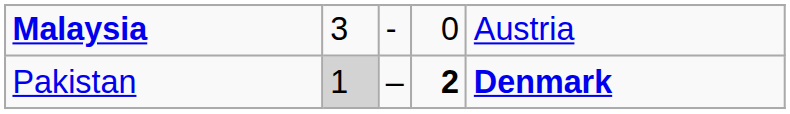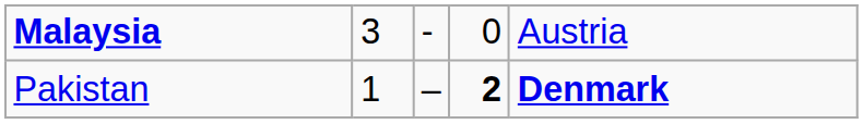 <table class="wikitable">
 <tr>
 <td width=150> <strong><a href='#'>Malaysia</a></strong></td>
 <td style="width:20px; text-align:left;">3</td>
 <td>-</td>
 <td style="width:20px; text-align:right;">0</td>
 <td width=150> <a href='#'>Austria</a></td>
 </tr>
 <tr>
 <td> <a href='#'>Pakistan</a></td>
-<td style="background: lightgrey; text-align:left;">1</td>
+<td style="text-align:left;">1</td>
 <td>–</td>
 <td style="text-align:right;"><strong>2</strong></td>
 <td><strong> <a href='#'>Denmark</a></strong></td>
 </tr>
 </table>
